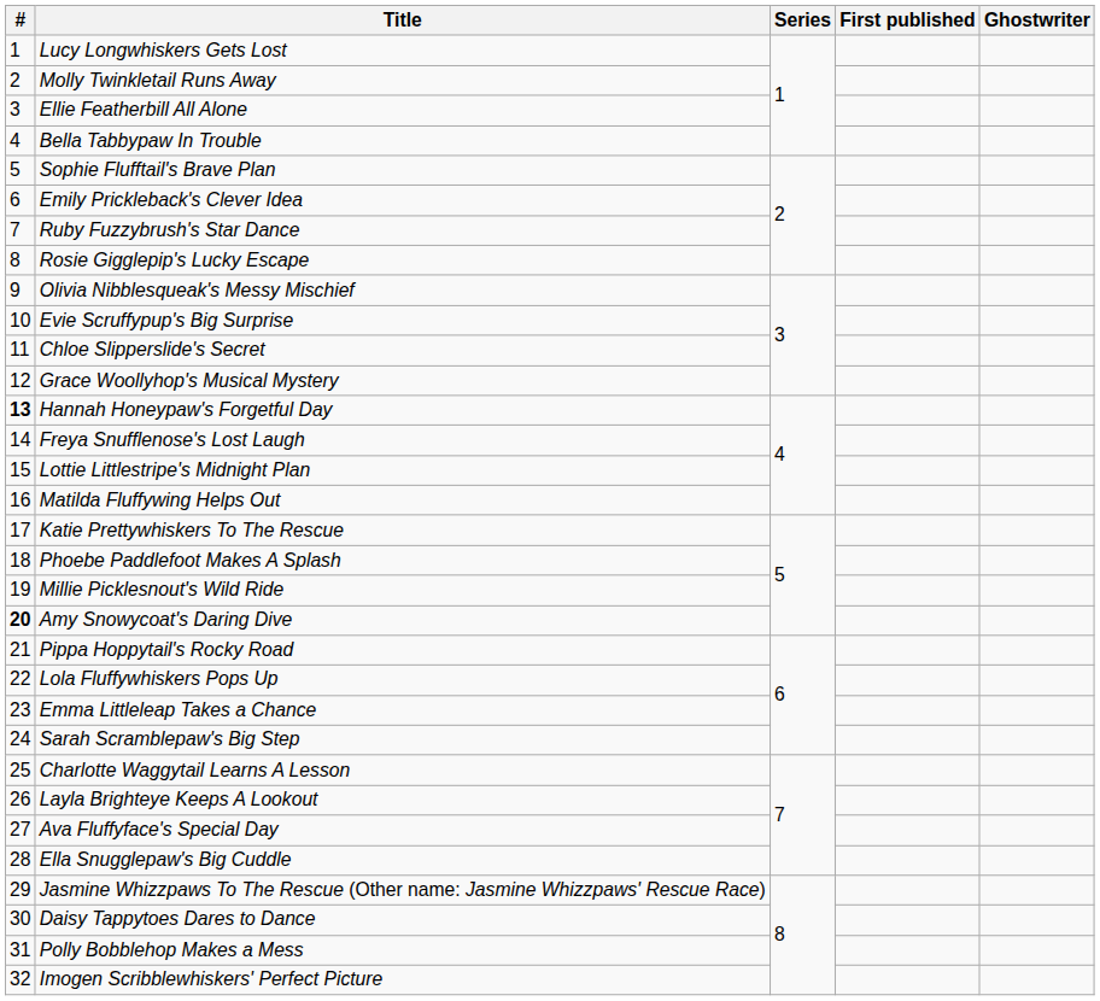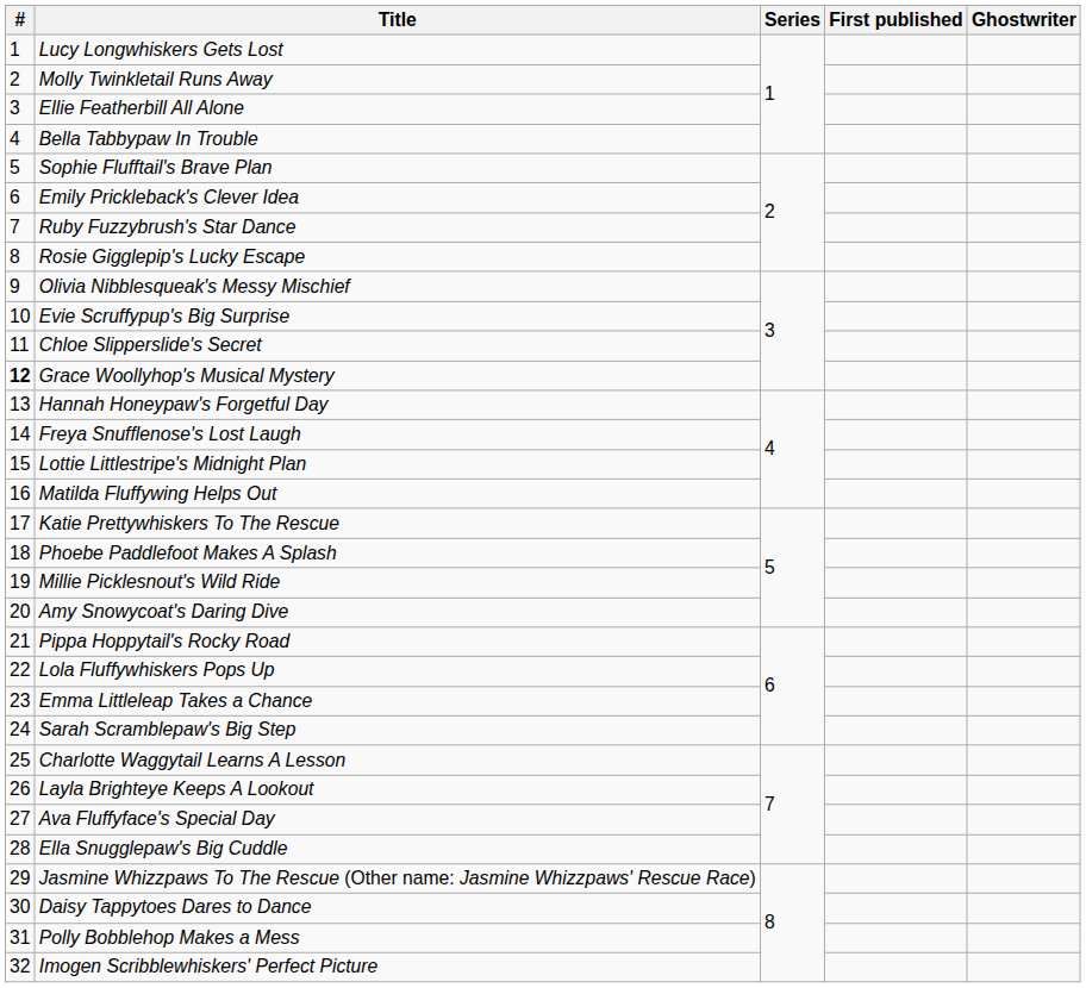 <table class="wikitable sortable nowraplinks">
 <tr>
 <th scope="col">#</th>
 <th scope="col">Title</th>
 <th scope="col">Series</th>
 <th scope="col">First published</th>
 <th scope="col">Ghostwriter</th>
 </tr>
 <tr>
 <td bgcolor=>1</td>
 <td><em>Lucy Longwhiskers Gets Lost</em></td>
 <td rowspan=4>1</td>
 <td></td>
 <td></td>
 </tr>
 <tr>
 <td bgcolor=>2</td>
 <td><em>Molly Twinkletail Runs Away</em></td>
 <td></td>
 <td></td>
 </tr>
 <tr>
 <td bgcolor=>3</td>
 <td><em>Ellie Featherbill All Alone</em></td>
 <td></td>
 <td></td>
 </tr>
 <tr>
 <td bgcolor=>4</td>
 <td><em>Bella Tabbypaw In Trouble</em></td>
 <td></td>
 <td></td>
 </tr>
 <tr>
 <td bgcolor=>5</td>
 <td><em>Sophie Flufftail's Brave Plan</em></td>
 <td rowspan=4>2</td>
 <td></td>
 <td></td>
 </tr>
 <tr>
 <td bgcolor=>6</td>
 <td><em>Emily Prickleback's Clever Idea</em></td>
 <td></td>
 <td></td>
 </tr>
 <tr>
 <td bgcolor=>7</td>
 <td><em>Ruby Fuzzybrush's Star Dance</em></td>
 <td></td>
 <td></td>
 </tr>
 <tr>
 <td bgcolor=>8</td>
 <td><em>Rosie Gigglepip's Lucky Escape</em></td>
 <td></td>
 <td></td>
 </tr>
 <tr>
 <td bgcolor=>9</td>
 <td><em>Olivia Nibblesqueak's Messy Mischief</em></td>
 <td rowspan=4>3</td>
 <td></td>
 <td></td>
 </tr>
 <tr>
 <td bgcolor=>10</td>
 <td><em>Evie Scruffypup's Big Surprise</em></td>
 <td></td>
 <td></td>
 </tr>
 <tr>
 <td bgcolor=>11</td>
 <td><em>Chloe Slipperslide's Secret</em></td>
 <td></td>
 <td></td>
 </tr>
 <tr>
-<td bgcolor=>12</td>
+<td bgcolor=><strong>12</strong></td>
 <td><em>Grace Woollyhop's Musical Mystery</em></td>
 <td></td>
 <td></td>
 </tr>
 <tr>
-<td bgcolor=><strong>13</strong></td>
+<td bgcolor=>13</td>
 <td><em>Hannah Honeypaw's Forgetful Day</em></td>
 <td rowspan=4>4</td>
 <td></td>
 <td></td>
 </tr>
 <tr>
 <td bgcolor=>14</td>
 <td><em>Freya Snufflenose's Lost Laugh</em></td>
 <td></td>
 <td></td>
 </tr>
 <tr>
 <td bgcolor=>15</td>
 <td><em>Lottie Littlestripe's Midnight Plan</em></td>
 <td></td>
 <td></td>
 </tr>
 <tr>
 <td bgcolor=>16</td>
 <td><em>Matilda Fluffywing Helps Out</em></td>
 <td></td>
 <td></td>
 </tr>
 <tr>
 <td bgcolor=>17</td>
 <td><em>Katie Prettywhiskers To The Rescue</em></td>
 <td rowspan=4>5</td>
 <td></td>
 <td></td>
 </tr>
 <tr>
 <td bgcolor=>18</td>
 <td><em>Phoebe Paddlefoot Makes A Splash</em></td>
 <td></td>
 <td></td>
 </tr>
 <tr>
 <td bgcolor=>19</td>
 <td><em>Millie Picklesnout's Wild Ride</em></td>
 <td></td>
 <td></td>
 </tr>
 <tr>
-<td bgcolor=><strong>20</strong></td>
+<td bgcolor=>20</td>
 <td><em>Amy Snowycoat's Daring Dive</em></td>
 <td></td>
 <td></td>
 </tr>
 <tr>
 <td bgcolor=>21</td>
 <td><em>Pippa Hoppytail's Rocky Road</em></td>
 <td rowspan=4>6</td>
 <td></td>
 <td></td>
 </tr>
 <tr>
 <td bgcolor=>22</td>
 <td><em>Lola Fluffywhiskers Pops Up</em></td>
 <td></td>
 <td></td>
 </tr>
 <tr>
 <td bgcolor=>23</td>
 <td><em>Emma Littleleap Takes a Chance</em></td>
 <td></td>
 <td></td>
 </tr>
 <tr>
 <td bgcolor=>24</td>
 <td><em>Sarah Scramblepaw's Big Step</em></td>
 <td></td>
 <td></td>
 </tr>
 <tr>
 <td bgcolor=>25</td>
 <td><em>Charlotte Waggytail Learns A Lesson</em></td>
 <td rowspan=4>7</td>
 <td></td>
 <td></td>
 </tr>
 <tr>
 <td bgcolor=>26</td>
 <td><em>Layla Brighteye Keeps A Lookout</em></td>
 <td></td>
 <td></td>
 </tr>
 <tr>
 <td bgcolor=>27</td>
 <td><em>Ava Fluffyface's Special Day</em></td>
 <td></td>
 <td></td>
 </tr>
 <tr>
 <td bgcolor=>28</td>
 <td><em>Ella Snugglepaw's Big Cuddle</em></td>
 <td></td>
 <td></td>
 </tr>
 <tr>
 <td bgcolor=>29</td>
 <td><em>Jasmine Whizzpaws To The Rescue</em>  (Other name: <em>Jasmine Whizzpaws' Rescue Race</em>)</td>
 <td rowspan=4>8</td>
 <td></td>
 <td></td>
 </tr>
 <tr>
 <td bgcolor=>30</td>
 <td><em>Daisy Tappytoes Dares to Dance</em></td>
 <td></td>
 <td></td>
 </tr>
 <tr>
 <td bgcolor=>31</td>
 <td><em>Polly Bobblehop Makes a Mess</em></td>
 <td></td>
 <td></td>
 </tr>
 <tr>
 <td bgcolor=>32</td>
 <td><em>Imogen Scribblewhiskers' Perfect Picture</em></td>
 <td></td>
 <td></td>
 </tr>
 </table>
